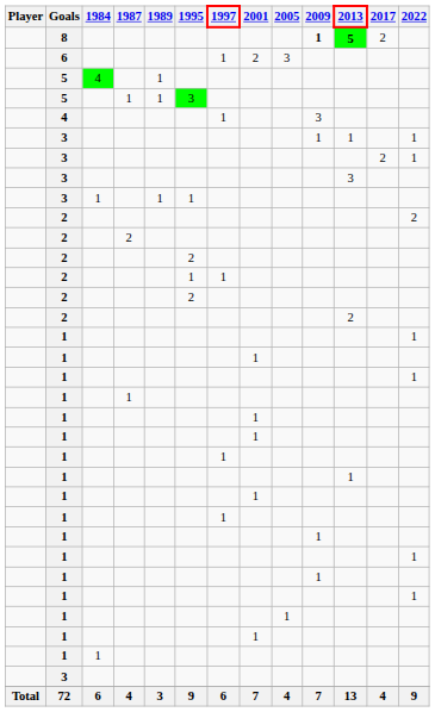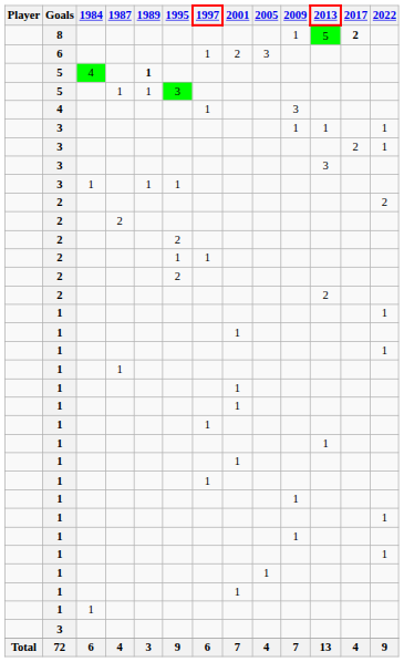 <table class="wikitable sortable" style="text-align:center;">
 <tr>
 <th>Player</th>
 <th>Goals</th>
 <th><a href='#'>1984</a></th>
 <th><a href='#'>1987</a></th>
 <th><a href='#'>1989</a></th>
 <th><a href='#'>1995</a></th>
 <th style="border:3px solid red"><a href='#'>1997</a></th>
 <th><a href='#'>2001</a></th>
 <th><a href='#'>2005</a></th>
 <th><a href='#'>2009</a></th>
 <th style="border:3px solid red"><a href='#'>2013</a></th>
 <th><a href='#'>2017</a></th>
 <th><a href='#'>2022</a></th>
 </tr>
 <tr>
 <td align="left"></td>
 <th>8</th>
 <td></td>
 <td></td>
 <td></td>
 <td></td>
 <td></td>
 <td></td>
 <td></td>
-<td><strong>1</strong></td>
-<td style="background:#00FF00"><strong>5</strong></td>
-<td>2</td>
+<td>1</td>
+<td style="background:#00FF00">5</td>
+<td><strong>2</strong></td>
 <td></td>
 </tr>
 <tr>
 <td align="left"></td>
 <th>6</th>
 <td></td>
 <td></td>
 <td></td>
 <td></td>
 <td>1</td>
 <td>2</td>
 <td>3</td>
 <td></td>
 <td></td>
 <td></td>
 <td></td>
 </tr>
 <tr>
 <td align="left"></td>
 <th>5</th>
 <td style="background:#00FF00">4</td>
 <td></td>
-<td>1</td>
+<td><strong>1</strong></td>
 <td></td>
 <td></td>
 <td></td>
 <td></td>
 <td></td>
 <td></td>
 <td></td>
 <td></td>
 </tr>
 <tr>
 <td align="left"></td>
 <th>5</th>
 <td></td>
 <td>1</td>
 <td>1</td>
 <td style="background:#00FF00">3</td>
 <td></td>
 <td></td>
 <td></td>
 <td></td>
 <td></td>
 <td></td>
 <td></td>
 </tr>
 <tr>
 <td align="left"></td>
 <th>4</th>
 <td></td>
 <td></td>
 <td></td>
 <td></td>
 <td>1</td>
 <td></td>
 <td></td>
 <td>3</td>
 <td></td>
 <td></td>
 <td></td>
 </tr>
 <tr>
 <td align="left"></td>
 <th>3</th>
 <td></td>
 <td></td>
 <td></td>
 <td></td>
 <td></td>
 <td></td>
 <td></td>
 <td>1</td>
 <td>1</td>
 <td></td>
 <td>1</td>
 </tr>
 <tr>
 <td align="left"></td>
 <th>3</th>
 <td></td>
 <td></td>
 <td></td>
 <td></td>
 <td></td>
 <td></td>
 <td></td>
 <td></td>
 <td></td>
 <td>2</td>
 <td>1</td>
 </tr>
 <tr>
 <td align="left"></td>
 <th>3</th>
 <td></td>
 <td></td>
 <td></td>
 <td></td>
 <td></td>
 <td></td>
 <td></td>
 <td></td>
 <td>3</td>
 <td></td>
 <td></td>
 </tr>
 <tr>
 <td align="left"></td>
 <th>3</th>
 <td>1</td>
 <td></td>
 <td>1</td>
 <td>1</td>
 <td></td>
 <td></td>
 <td></td>
 <td></td>
 <td></td>
 <td></td>
 <td></td>
 </tr>
 <tr>
 <td align="left"></td>
 <th>2</th>
 <td></td>
 <td></td>
 <td></td>
 <td></td>
 <td></td>
 <td></td>
 <td></td>
 <td></td>
 <td></td>
 <td></td>
 <td>2</td>
 </tr>
 <tr>
 <td align="left"></td>
 <th>2</th>
 <td></td>
 <td>2</td>
 <td></td>
 <td></td>
 <td></td>
 <td></td>
 <td></td>
 <td></td>
 <td></td>
 <td></td>
 <td></td>
 </tr>
 <tr>
 <td align="left"></td>
 <th>2</th>
 <td></td>
 <td></td>
 <td></td>
 <td>2</td>
 <td></td>
 <td></td>
 <td></td>
 <td></td>
 <td></td>
 <td></td>
 <td></td>
 </tr>
 <tr>
 <td align="left"></td>
 <th>2</th>
 <td></td>
 <td></td>
 <td></td>
 <td>1</td>
 <td>1</td>
 <td></td>
 <td></td>
 <td></td>
 <td></td>
 <td></td>
 <td></td>
 </tr>
 <tr>
 <td align="left"></td>
 <th>2</th>
 <td></td>
 <td></td>
 <td></td>
 <td>2</td>
 <td></td>
 <td></td>
 <td></td>
 <td></td>
 <td></td>
 <td></td>
 <td></td>
 </tr>
 <tr>
 <td align="left"></td>
 <th>2</th>
 <td></td>
 <td></td>
 <td></td>
 <td></td>
 <td></td>
 <td></td>
 <td></td>
 <td></td>
 <td>2</td>
 <td></td>
 <td></td>
 </tr>
 <tr>
 <td align="left"></td>
 <th>1</th>
 <td></td>
 <td></td>
 <td></td>
 <td></td>
 <td></td>
 <td></td>
 <td></td>
 <td></td>
 <td></td>
 <td></td>
 <td>1</td>
 </tr>
 <tr>
 <td align="left"></td>
 <th>1</th>
 <td></td>
 <td></td>
 <td></td>
 <td></td>
 <td></td>
 <td>1</td>
 <td></td>
 <td></td>
 <td></td>
 <td></td>
 <td></td>
 </tr>
 <tr>
 <td align="left"></td>
 <th>1</th>
 <td></td>
 <td></td>
 <td></td>
 <td></td>
 <td></td>
 <td></td>
 <td></td>
 <td></td>
 <td></td>
 <td></td>
 <td>1</td>
 </tr>
 <tr>
 <td align="left"></td>
 <th>1</th>
 <td></td>
 <td>1</td>
 <td></td>
 <td></td>
 <td></td>
 <td></td>
 <td></td>
 <td></td>
 <td></td>
 <td></td>
 <td></td>
 </tr>
 <tr>
 <td align="left"></td>
 <th>1</th>
 <td></td>
 <td></td>
 <td></td>
 <td></td>
 <td></td>
 <td>1</td>
 <td></td>
 <td></td>
 <td></td>
 <td></td>
 <td></td>
 </tr>
 <tr>
 <td align="left"></td>
 <th>1</th>
 <td></td>
 <td></td>
 <td></td>
 <td></td>
 <td></td>
 <td>1</td>
 <td></td>
 <td></td>
 <td></td>
 <td></td>
 <td></td>
 </tr>
 <tr>
 <td align="left"></td>
 <th>1</th>
 <td></td>
 <td></td>
 <td></td>
 <td></td>
 <td>1</td>
 <td></td>
 <td></td>
 <td></td>
 <td></td>
 <td></td>
 <td></td>
 </tr>
 <tr>
 <td align="left"></td>
 <th>1</th>
 <td></td>
 <td></td>
 <td></td>
 <td></td>
 <td></td>
 <td></td>
 <td></td>
 <td></td>
 <td>1</td>
 <td></td>
 <td></td>
 </tr>
 <tr>
 <td align="left"></td>
 <th>1</th>
 <td></td>
 <td></td>
 <td></td>
 <td></td>
 <td></td>
 <td>1</td>
 <td></td>
 <td></td>
 <td></td>
 <td></td>
 <td></td>
 </tr>
 <tr>
 <td align="left"></td>
 <th>1</th>
 <td></td>
 <td></td>
 <td></td>
 <td></td>
 <td>1</td>
 <td></td>
 <td></td>
 <td></td>
 <td></td>
 <td></td>
 <td></td>
 </tr>
 <tr>
 <td align="left"></td>
 <th>1</th>
 <td></td>
 <td></td>
 <td></td>
 <td></td>
 <td></td>
 <td></td>
 <td></td>
 <td>1</td>
 <td></td>
 <td></td>
 <td></td>
 </tr>
 <tr>
 <td align="left"></td>
 <th>1</th>
 <td></td>
 <td></td>
 <td></td>
 <td></td>
 <td></td>
 <td></td>
 <td></td>
 <td></td>
 <td></td>
 <td></td>
 <td>1</td>
 </tr>
 <tr>
 <td align="left"></td>
 <th>1</th>
 <td></td>
 <td></td>
 <td></td>
 <td></td>
 <td></td>
 <td></td>
 <td></td>
 <td>1</td>
 <td></td>
 <td></td>
 <td></td>
 </tr>
 <tr>
 <td align="left"></td>
 <th>1</th>
 <td></td>
 <td></td>
 <td></td>
 <td></td>
 <td></td>
 <td></td>
 <td></td>
 <td></td>
 <td></td>
 <td></td>
 <td>1</td>
 </tr>
 <tr>
 <td align="left"></td>
 <th>1</th>
 <td></td>
 <td></td>
 <td></td>
 <td></td>
 <td></td>
 <td></td>
 <td>1</td>
 <td></td>
 <td></td>
 <td></td>
 <td></td>
 </tr>
 <tr>
 <td align="left"></td>
 <th>1</th>
 <td></td>
 <td></td>
 <td></td>
 <td></td>
 <td></td>
 <td>1</td>
 <td></td>
 <td></td>
 <td></td>
 <td></td>
 <td></td>
 </tr>
 <tr>
 <td align="left"></td>
 <th>1</th>
 <td>1</td>
 <td></td>
 <td></td>
 <td></td>
 <td></td>
 <td></td>
 <td></td>
 <td></td>
 <td></td>
 <td></td>
 <td></td>
 </tr>
 <tr>
 <td align="left"></td>
 <th>3</th>
 <td></td>
 <td></td>
 <td></td>
 <td></td>
 <td></td>
 <td></td>
 <td></td>
 <td></td>
 <td></td>
 <td></td>
 <td></td>
 </tr>
 <tr>
 </tr>
 <tr class="sortbottom">
 <th>Total</th>
 <th>72</th>
 <th>6</th>
 <th>4</th>
 <th>3</th>
 <th>9</th>
 <th>6</th>
 <th>7</th>
 <th>4</th>
 <th>7</th>
 <th>13</th>
 <th>4</th>
 <th>9</th>
 </tr>
 </table>
